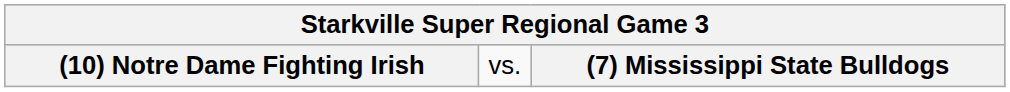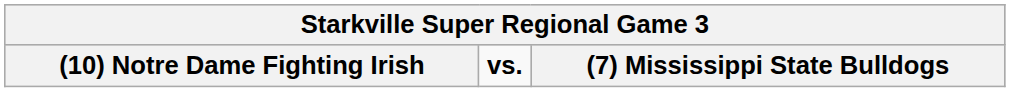 <table class="wikitable">
 <tr>
 <th style="width: 604px;" colspan=3>Starkville Super Regional Game 3</th>
 </tr>
 <tr>
 <th style="width: 289px; ">(10) Notre Dame Fighting Irish</th>
-<td style="width: 25px; text-align:center">vs.</td>
+<td style="width: 25px; text-align:center"><strong>vs.</strong></td>
 <th style="width: 289px; ">(7) Mississippi State Bulldogs</th>
 </tr>
 </table>
